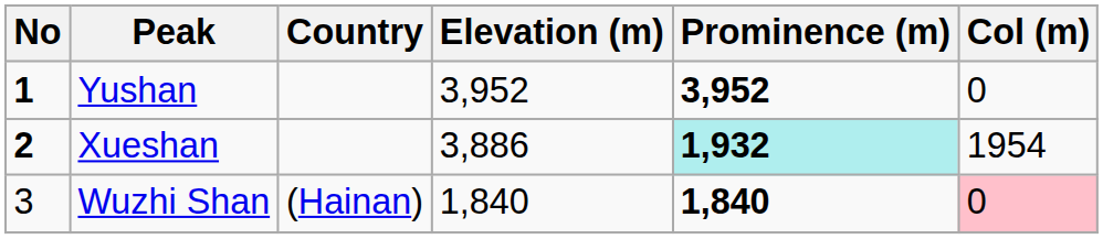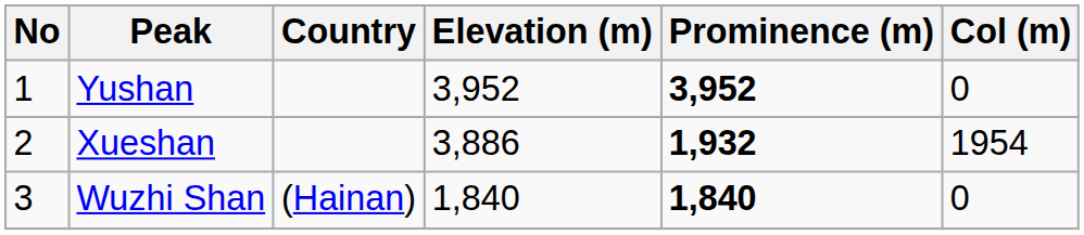 <table class="wikitable sortable">
 <tr>
 <th>No</th>
 <th>Peak</th>
 <th>Country</th>
 <th>Elevation (m)</th>
 <th>Prominence (m)</th>
 <th>Col (m)</th>
 </tr>
 <tr>
-<td><strong>1</strong></td>
+<td>1</td>
 <td><a href='#'>Yushan</a></td>
 <td></td>
 <td>3,952</td>
 <td><strong>3,952</strong></td>
 <td>0</td>
 </tr>
 <tr>
-<td><strong>2</strong></td>
+<td>2</td>
 <td><a href='#'>Xueshan</a></td>
 <td></td>
 <td>3,886</td>
-<td style="background: paleturquoise;"><strong>1,932</strong></td>
+<td><strong>1,932</strong></td>
 <td>1954</td>
 </tr>
 <tr>
 <td>3</td>
 <td><a href='#'>Wuzhi Shan</a></td>
 <td> (<a href='#'>Hainan</a>)</td>
 <td>1,840</td>
 <td><strong>1,840</strong></td>
-<td style="background: pink;">0</td>
+<td>0</td>
 </tr>
 <tr>
 </tr>
 </table>
